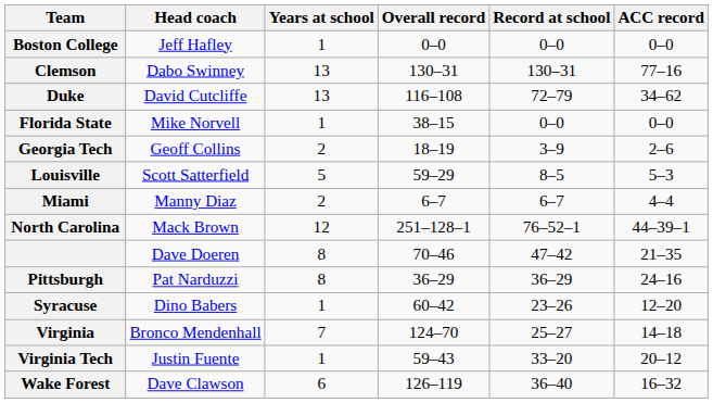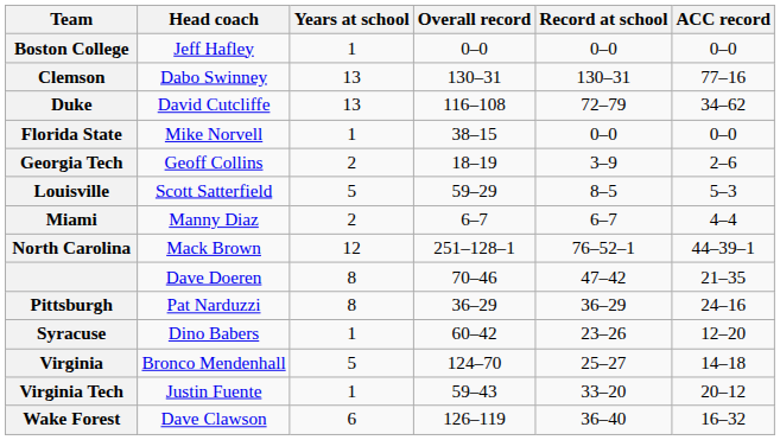 <table class="wikitable sortable" style="text-align: center;">
 <tr>
 <th width="110">Team</th>
 <th>Head coach</th>
 <th>Years at school</th>
 <th>Overall record</th>
 <th>Record at school</th>
 <th>ACC record</th>
 </tr>
 <tr>
 <th>Boston College</th>
 <td><a href='#'>Jeff Hafley</a></td>
 <td>1</td>
 <td>0–0</td>
 <td>0–0</td>
 <td>0–0</td>
 </tr>
 <tr>
 <th>Clemson</th>
 <td><a href='#'>Dabo Swinney</a></td>
 <td>13</td>
 <td>130–31</td>
 <td>130–31</td>
 <td>77–16</td>
 </tr>
 <tr>
 <th>Duke</th>
 <td><a href='#'>David Cutcliffe</a></td>
 <td>13</td>
 <td>116–108</td>
 <td>72–79</td>
 <td>34–62</td>
 </tr>
 <tr>
 <th>Florida State</th>
 <td><a href='#'>Mike Norvell</a></td>
 <td>1</td>
 <td>38–15</td>
 <td>0–0</td>
 <td>0–0</td>
 </tr>
 <tr>
 <th>Georgia Tech</th>
 <td><a href='#'>Geoff Collins</a></td>
 <td>2</td>
 <td>18–19</td>
 <td>3–9</td>
 <td>2–6</td>
 </tr>
 <tr>
 <th>Louisville</th>
 <td><a href='#'>Scott Satterfield</a></td>
 <td>5</td>
 <td>59–29</td>
 <td>8–5</td>
 <td>5–3</td>
 </tr>
 <tr>
 <th>Miami</th>
 <td><a href='#'>Manny Diaz</a></td>
 <td>2</td>
 <td>6–7</td>
 <td>6–7</td>
 <td>4–4</td>
 </tr>
 <tr>
 <th>North Carolina</th>
 <td><a href='#'>Mack Brown</a></td>
 <td>12</td>
 <td>251–128–1</td>
 <td>76–52–1</td>
 <td>44–39–1</td>
 </tr>
 <tr>
 <th></th>
 <td><a href='#'>Dave Doeren</a></td>
 <td>8</td>
 <td>70–46</td>
 <td>47–42</td>
 <td>21–35</td>
 </tr>
 <tr>
 <th>Pittsburgh</th>
 <td><a href='#'>Pat Narduzzi</a></td>
 <td>8</td>
 <td>36–29</td>
 <td>36–29</td>
 <td>24–16</td>
 </tr>
 <tr>
 <th>Syracuse</th>
 <td><a href='#'>Dino Babers</a></td>
 <td>1</td>
 <td>60–42</td>
 <td>23–26</td>
 <td>12–20</td>
 </tr>
 <tr>
 <th>Virginia</th>
 <td><a href='#'>Bronco Mendenhall</a></td>
-<td>7</td>
+<td>5</td>
 <td>124–70</td>
 <td>25–27</td>
 <td>14–18</td>
 </tr>
 <tr>
 <th>Virginia Tech</th>
 <td><a href='#'>Justin Fuente</a></td>
 <td>1</td>
 <td>59–43</td>
 <td>33–20</td>
 <td>20–12</td>
 </tr>
 <tr>
 <th>Wake Forest</th>
 <td><a href='#'>Dave Clawson</a></td>
 <td>6</td>
 <td>126–119</td>
 <td>36–40</td>
 <td>16–32</td>
 </tr>
 </table>
